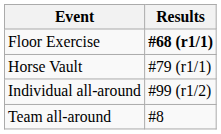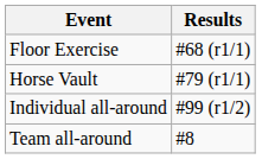 <table class="wikitable">
 <tr>
 <th>Event</th>
 <th>Results</th>
 </tr>
 <tr>
 <td>Floor Exercise</td>
-<td><strong>#68 (r1/1)</strong></td>
+<td>#68 (r1/1)</td>
 </tr>
 <tr>
 <td>Horse Vault</td>
 <td>#79 (r1/1)</td>
 </tr>
 <tr>
 <td>Individual all-around</td>
 <td>#99 (r1/2)</td>
 </tr>
 <tr>
 <td>Team all-around</td>
 <td>#8</td>
 </tr>
 </table>
